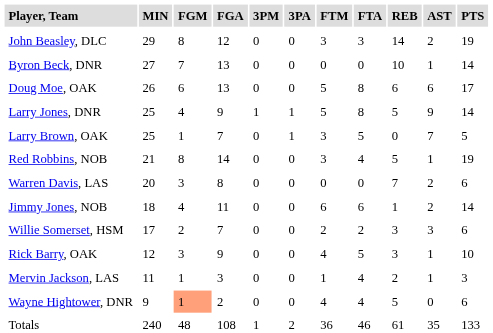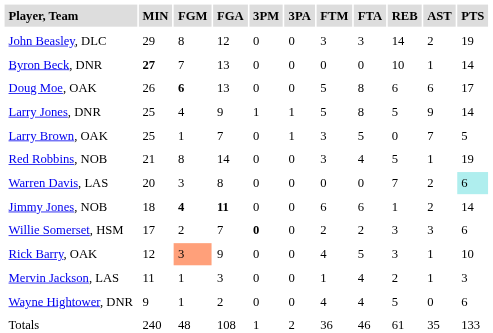 <table cellpadding=5>
 <tr bgcolor="#dddddd">
 <td><strong>Player, Team</strong></td>
 <td><strong>MIN</strong></td>
 <td><strong>FGM</strong></td>
 <td><strong>FGA</strong></td>
 <td><strong>3PM</strong></td>
 <td><strong>3PA</strong></td>
 <td><strong>FTM</strong></td>
 <td><strong>FTA</strong></td>
 <td><strong>REB</strong></td>
 <td><strong>AST</strong></td>
 <td><strong>PTS</strong></td>
 </tr>
 <tr bgcolor="#eeeeee">
 </tr>
 <tr>
 <td><a href='#'>John Beasley</a>, DLC</td>
 <td>29</td>
 <td>8</td>
 <td>12</td>
 <td>0</td>
 <td>0</td>
 <td>3</td>
 <td>3</td>
 <td>14</td>
 <td>2</td>
 <td>19</td>
 </tr>
 <tr>
 <td><a href='#'>Byron Beck</a>, DNR</td>
-<td>27</td>
+<td><strong>27</strong></td>
 <td>7</td>
 <td>13</td>
 <td>0</td>
 <td>0</td>
 <td>0</td>
 <td>0</td>
 <td>10</td>
 <td>1</td>
 <td>14</td>
 </tr>
 <tr>
 <td><a href='#'>Doug Moe</a>, OAK</td>
 <td>26</td>
-<td>6</td>
+<td><strong>6</strong></td>
 <td>13</td>
 <td>0</td>
 <td>0</td>
 <td>5</td>
 <td>8</td>
 <td>6</td>
 <td>6</td>
 <td>17</td>
 </tr>
 <tr>
 <td><a href='#'>Larry Jones</a>, DNR</td>
 <td>25</td>
 <td>4</td>
 <td>9</td>
 <td>1</td>
 <td>1</td>
 <td>5</td>
 <td>8</td>
 <td>5</td>
 <td>9</td>
 <td>14</td>
 </tr>
 <tr>
 <td><a href='#'>Larry Brown</a>, OAK</td>
 <td>25</td>
 <td>1</td>
 <td>7</td>
 <td>0</td>
 <td>1</td>
 <td>3</td>
 <td>5</td>
 <td>0</td>
 <td>7</td>
 <td>5</td>
 </tr>
 <tr>
 <td><a href='#'>Red Robbins</a>, NOB</td>
 <td>21</td>
 <td>8</td>
 <td>14</td>
 <td>0</td>
 <td>0</td>
 <td>3</td>
 <td>4</td>
 <td>5</td>
 <td>1</td>
 <td>19</td>
 </tr>
 <tr>
 <td><a href='#'>Warren Davis</a>, LAS</td>
 <td>20</td>
 <td>3</td>
 <td>8</td>
 <td>0</td>
 <td>0</td>
 <td>0</td>
 <td>0</td>
 <td>7</td>
 <td>2</td>
-<td>6</td>
+<td style="background: paleturquoise;">6</td>
 </tr>
 <tr>
 <td><a href='#'>Jimmy Jones</a>, NOB</td>
 <td>18</td>
-<td>4</td>
-<td>11</td>
+<td><strong>4</strong></td>
+<td><strong>11</strong></td>
 <td>0</td>
 <td>0</td>
 <td>6</td>
 <td>6</td>
 <td>1</td>
 <td>2</td>
 <td>14</td>
 </tr>
 <tr>
 <td><a href='#'>Willie Somerset</a>, HSM</td>
 <td>17</td>
 <td>2</td>
 <td>7</td>
-<td>0</td>
+<td><strong>0</strong></td>
 <td>0</td>
 <td>2</td>
 <td>2</td>
 <td>3</td>
 <td>3</td>
 <td>6</td>
 </tr>
 <tr>
 <td><a href='#'>Rick Barry</a>, OAK</td>
 <td>12</td>
-<td>3</td>
+<td style="background: lightsalmon;">3</td>
 <td>9</td>
 <td>0</td>
 <td>0</td>
 <td>4</td>
 <td>5</td>
 <td>3</td>
 <td>1</td>
 <td>10</td>
 </tr>
 <tr>
 <td><a href='#'>Mervin Jackson</a>, LAS</td>
 <td>11</td>
 <td>1</td>
 <td>3</td>
 <td>0</td>
 <td>0</td>
 <td>1</td>
 <td>4</td>
 <td>2</td>
 <td>1</td>
 <td>3</td>
 </tr>
 <tr>
 <td><a href='#'>Wayne Hightower</a>, DNR</td>
 <td>9</td>
-<td style="background: lightsalmon;">1</td>
+<td>1</td>
 <td>2</td>
 <td>0</td>
 <td>0</td>
 <td>4</td>
 <td>4</td>
 <td>5</td>
 <td>0</td>
 <td>6</td>
 </tr>
 <tr>
 <td>Totals</td>
 <td>240</td>
 <td>48</td>
 <td>108</td>
 <td>1</td>
 <td>2</td>
 <td>36</td>
 <td>46</td>
 <td>61</td>
 <td>35</td>
 <td>133</td>
 </tr>
 <tr>
 </tr>
 </table>
